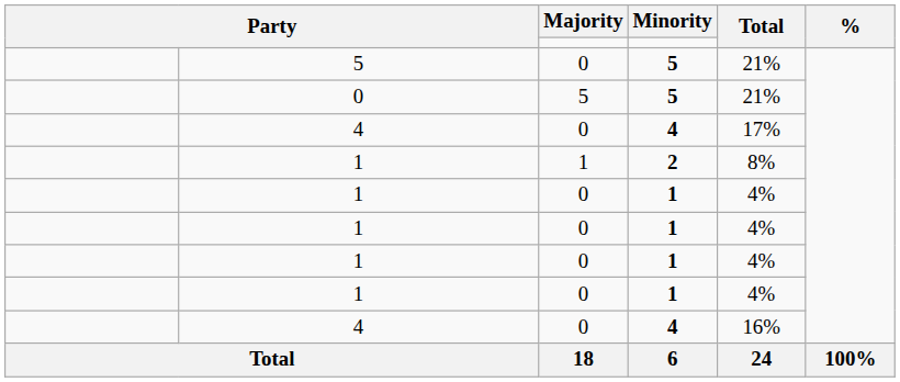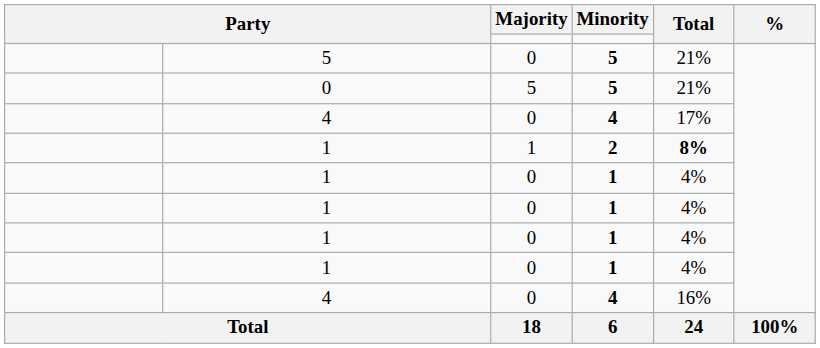 <table class=wikitable style="text-align:center">
 <tr>
 <th rowspan=2 colspan=2>Party</th>
 <th width=10%>Majority</th>
 <th width=10%>Minority</th>
 <th rowspan=2 width=10%>Total</th>
 <th rowspan=2 width=10%>%</th>
 </tr>
 <tr>
 <td></td>
 <td></td>
 </tr>
 <tr>
 <td></td>
 <td>5</td>
 <td>0</td>
 <td><strong>5</strong></td>
 <td>21%</td>
 </tr>
 <tr>
 <td></td>
 <td>0</td>
 <td>5</td>
 <td><strong>5</strong></td>
 <td>21%</td>
 </tr>
 <tr>
 <td></td>
 <td>4</td>
 <td>0</td>
 <td><strong>4</strong></td>
 <td>17%</td>
 </tr>
 <tr>
 <td></td>
 <td>1</td>
 <td>1</td>
 <td><strong>2</strong></td>
-<td>8%</td>
+<td><strong>8%</strong></td>
 </tr>
 <tr>
 <td></td>
 <td>1</td>
 <td>0</td>
 <td><strong>1</strong></td>
 <td>4%</td>
 </tr>
 <tr>
 <td></td>
 <td>1</td>
 <td>0</td>
 <td><strong>1</strong></td>
 <td>4%</td>
 </tr>
 <tr>
 <td></td>
 <td>1</td>
 <td>0</td>
 <td><strong>1</strong></td>
 <td>4%</td>
 </tr>
 <tr>
 <td></td>
 <td>1</td>
 <td>0</td>
 <td><strong>1</strong></td>
 <td>4%</td>
 </tr>
 <tr>
 <td></td>
 <td>4</td>
 <td>0</td>
 <td><strong>4</strong></td>
 <td>16%</td>
 </tr>
 <tr>
 <th colspan=2>Total</th>
 <th>18</th>
 <th>6</th>
 <th>24</th>
 <th>100%</th>
 </tr>
 </table>
